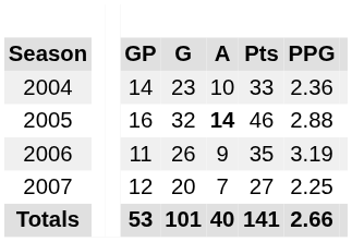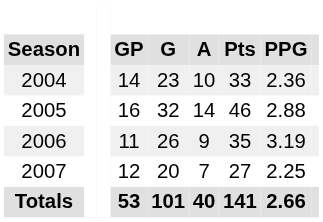 <table BORDER="0" CELLPADDING="3" CELLSPACING="0">
 <tr ALIGN="center" bgcolor="#e0e0e0">
 <th colspan="1" bgcolor="#ffffff"> </th>
 <th rowspan="99" bgcolor="#ffffff"> </th>
 <th rowspan="99" bgcolor="#ffffff"> </th>
 </tr>
 <tr ALIGN="center" bgcolor="#e0e0e0">
 <th>Season</th>
 <th>GP</th>
 <th>G</th>
 <th>A</th>
 <th>Pts</th>
 <th>PPG</th>
 <th></th>
 </tr>
 <tr ALIGN="center" bgcolor="#f0f0f0">
 <td>2004</td>
 <td>14</td>
 <td>23</td>
 <td>10</td>
 <td>33</td>
 <td>2.36</td>
 <td></td>
 </tr>
 <tr ALIGN="center">
 <td>2005</td>
 <td>16</td>
 <td>32</td>
-<td><strong>14</strong></td>
+<td>14</td>
 <td>46</td>
 <td>2.88</td>
 <td></td>
 </tr>
 <tr ALIGN="center" bgcolor="#f0f0f0">
 <td>2006</td>
 <td>11</td>
 <td>26</td>
 <td>9</td>
 <td>35</td>
 <td>3.19</td>
 <td></td>
 </tr>
 <tr ALIGN="center">
 <td>2007</td>
 <td>12</td>
 <td>20</td>
 <td>7</td>
 <td>27</td>
 <td>2.25</td>
 <td></td>
 </tr>
 <tr ALIGN="center" bgcolor="#e0e0e0">
 <th colspan="1.5">Totals</th>
 <th>53</th>
 <th>101</th>
 <th>40</th>
 <th>141</th>
 <th>2.66</th>
 <th></th>
 </tr>
 </table>
